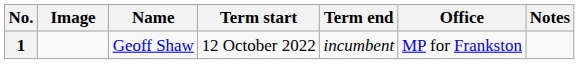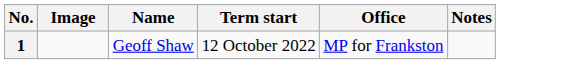 <table class="wikitable" style="text-align:center">
 <tr>
 <th>No.</th>
 <th width=60>Image</th>
 <th>Name</th>
 <th>Term start</th>
-<th>Term end</th>
 <th>Office</th>
 <th>Notes</th>
 </tr>
 <tr>
 <th style="background:">1</th>
 <td></td>
 <td><a href='#'>Geoff Shaw</a> <br> </td>
 <td>12 October 2022</td>
-<td><em>incumbent</em></td>
 <td><a href='#'>MP</a> for <a href='#'>Frankston</a><br> </td>
 <td></td>
 </tr>
 </table>
